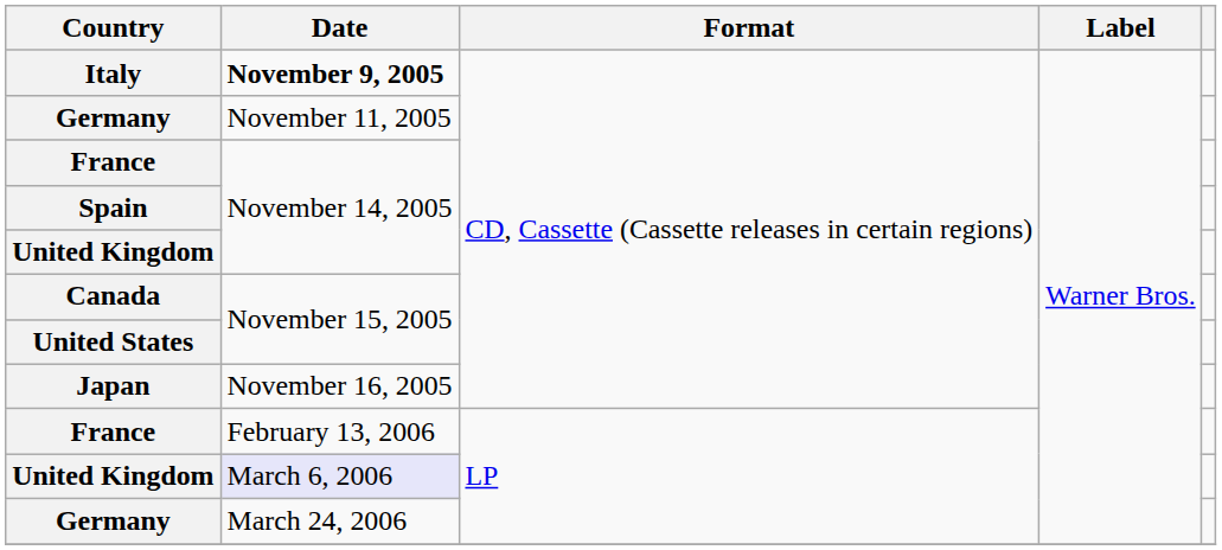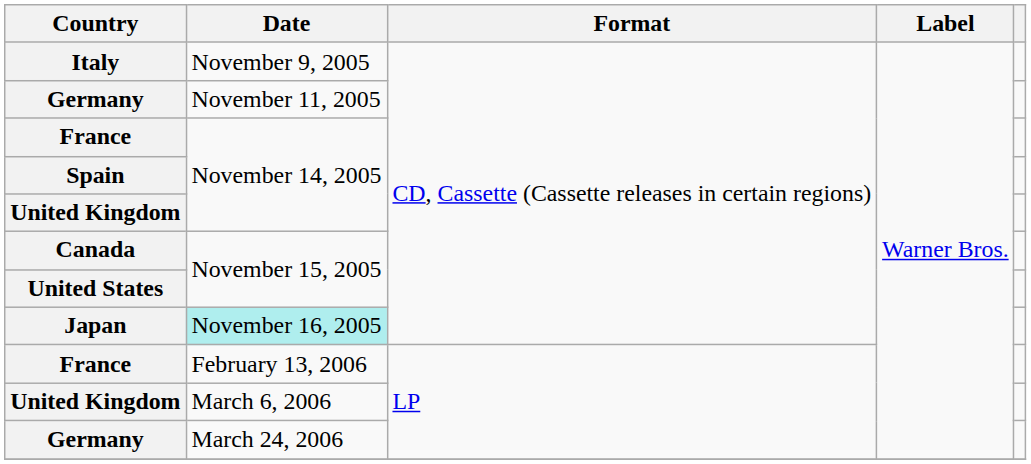 <table class="wikitable plainrowheaders">
 <tr>
 <th scope="col">Country</th>
 <th scope="col">Date</th>
 <th scope="col">Format</th>
 <th scope="col">Label</th>
 <th scope="col"></th>
 </tr>
 <tr>
 <th scope="row">Italy</th>
-<td><strong>November 9, 2005</strong></td>
+<td>November 9, 2005</td>
 <td rowspan="8"><a href='#'>CD</a>, <a href='#'>Cassette</a> (Cassette releases in certain regions)</td>
 <td rowspan="11"><a href='#'>Warner Bros.</a></td>
 <td></td>
 </tr>
 <tr>
 <th scope="row">Germany</th>
 <td>November 11, 2005</td>
 <td></td>
 </tr>
 <tr>
 <th scope="row">France</th>
 <td rowspan="3">November 14, 2005</td>
 <td></td>
 </tr>
 <tr>
 <th scope="row">Spain</th>
 <td></td>
 </tr>
 <tr>
 <th scope="row">United Kingdom</th>
 <td></td>
 </tr>
 <tr>
 <th scope="row">Canada</th>
 <td rowspan="2">November 15, 2005</td>
 <td></td>
 </tr>
 <tr>
 <th scope="row">United States</th>
 <td></td>
 </tr>
 <tr>
 <th scope="row">Japan</th>
-<td>November 16, 2005</td>
+<td style="background: paleturquoise;">November 16, 2005</td>
 <td></td>
 </tr>
 <tr>
 <th scope="row">France</th>
 <td>February 13, 2006</td>
 <td rowspan="3"><a href='#'>LP</a></td>
 <td></td>
 </tr>
 <tr>
 <th scope="row">United Kingdom</th>
-<td style="background: lavender;">March 6, 2006</td>
+<td>March 6, 2006</td>
 <td></td>
 </tr>
 <tr>
 <th scope="row">Germany</th>
 <td>March 24, 2006</td>
 <td></td>
 </tr>
 <tr>
 </tr>
 </table>
